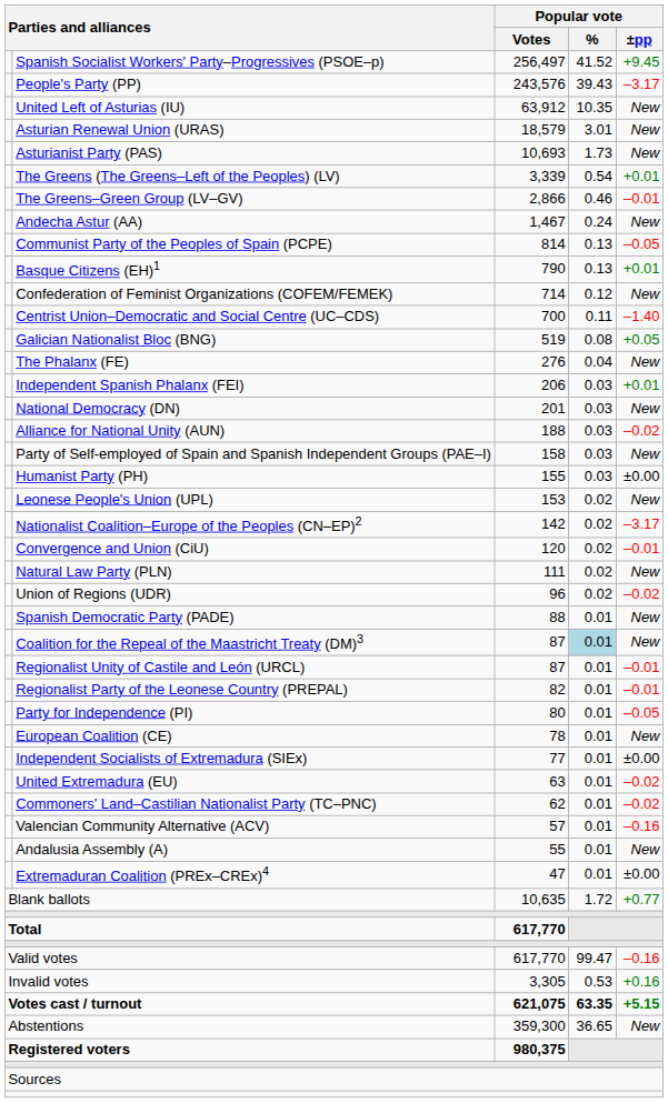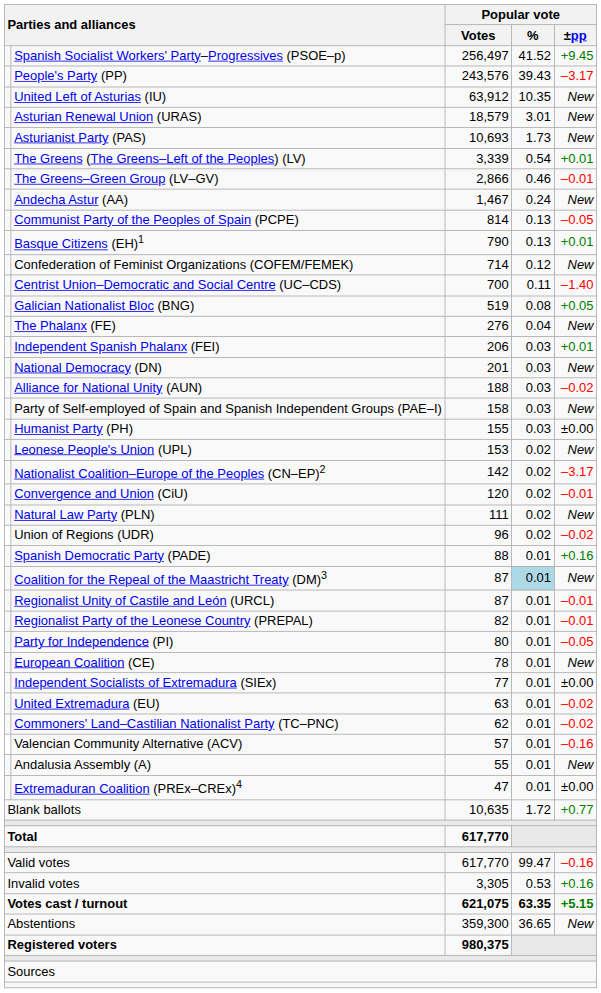 <table class="wikitable" style="text-align:right">
 <tr>
 <th style="text-align:left;" rowspan="2" colspan="2" width="525">Parties and alliances</th>
 <th colspan="3">Popular vote</th>
 </tr>
 <tr>
 <th width="75">Votes</th>
 <th width="45">%</th>
 <th width="45">±<a href='#'>pp</a></th>
 </tr>
 <tr>
 <td width="1" style="color:inherit;background:"></td>
 <td align="left"><a href='#'>Spanish Socialist Workers' Party</a>–<a href='#'>Progressives</a> (PSOE–p)</td>
 <td>256,497</td>
 <td>41.52</td>
 <td style="color:green;">+9.45</td>
 </tr>
 <tr>
 <td style="color:inherit;background:"></td>
 <td align="left"><a href='#'>People's Party</a> (PP)</td>
 <td>243,576</td>
 <td>39.43</td>
 <td style="color:red;">–3.17</td>
 </tr>
 <tr>
 <td style="color:inherit;background:"></td>
 <td align="left"><a href='#'>United Left of Asturias</a> (IU)</td>
 <td>63,912</td>
 <td>10.35</td>
 <td><em>New</em></td>
 </tr>
 <tr>
 <td style="color:inherit;background:"></td>
 <td align="left"><a href='#'>Asturian Renewal Union</a> (URAS)</td>
 <td>18,579</td>
 <td>3.01</td>
 <td><em>New</em></td>
 </tr>
 <tr>
 <td style="color:inherit;background:"></td>
 <td align="left"><a href='#'>Asturianist Party</a> (PAS)</td>
 <td>10,693</td>
 <td>1.73</td>
 <td><em>New</em></td>
 </tr>
 <tr>
 <td style="color:inherit;background:"></td>
 <td align="left"><a href='#'>The Greens</a> (<a href='#'>The Greens–Left of the Peoples</a>) (LV)</td>
 <td>3,339</td>
 <td>0.54</td>
 <td style="color:green;">+0.01</td>
 </tr>
 <tr>
 <td style="color:inherit;background:"></td>
 <td align="left"><a href='#'>The Greens–Green Group</a> (LV–GV)</td>
 <td>2,866</td>
 <td>0.46</td>
 <td style="color:red;">–0.01</td>
 </tr>
 <tr>
 <td style="color:inherit;background:"></td>
 <td align="left"><a href='#'>Andecha Astur</a> (AA)</td>
 <td>1,467</td>
 <td>0.24</td>
 <td><em>New</em></td>
 </tr>
 <tr>
 <td style="color:inherit;background:"></td>
 <td align="left"><a href='#'>Communist Party of the Peoples of Spain</a> (PCPE)</td>
 <td>814</td>
 <td>0.13</td>
 <td style="color:red;">–0.05</td>
 </tr>
 <tr>
 <td style="color:inherit;background:"></td>
 <td align="left"><a href='#'>Basque Citizens</a> (EH)<sup>1</sup></td>
 <td>790</td>
 <td>0.13</td>
 <td style="color:green;">+0.01</td>
 </tr>
 <tr>
 <td style="color:inherit;background:"></td>
 <td align="left">Confederation of Feminist Organizations (COFEM/FEMEK)</td>
 <td>714</td>
 <td>0.12</td>
 <td><em>New</em></td>
 </tr>
 <tr>
 <td style="color:inherit;background:"></td>
 <td align="left"><a href='#'>Centrist Union–Democratic and Social Centre</a> (UC–CDS)</td>
 <td>700</td>
 <td>0.11</td>
 <td style="color:red;">–1.40</td>
 </tr>
 <tr>
 <td style="color:inherit;background:"></td>
 <td align="left"><a href='#'>Galician Nationalist Bloc</a> (BNG)</td>
 <td>519</td>
 <td>0.08</td>
 <td style="color:green;">+0.05</td>
 </tr>
 <tr>
 <td style="color:inherit;background:"></td>
 <td align="left"><a href='#'>The Phalanx</a> (FE)</td>
 <td>276</td>
 <td>0.04</td>
 <td><em>New</em></td>
 </tr>
 <tr>
 <td style="color:inherit;background:"></td>
 <td align="left"><a href='#'>Independent Spanish Phalanx</a> (FEI)</td>
 <td>206</td>
 <td>0.03</td>
 <td style="color:green;">+0.01</td>
 </tr>
 <tr>
 <td style="color:inherit;background:"></td>
 <td align="left"><a href='#'>National Democracy</a> (DN)</td>
 <td>201</td>
 <td>0.03</td>
 <td><em>New</em></td>
 </tr>
 <tr>
 <td style="color:inherit;background:"></td>
 <td align="left"><a href='#'>Alliance for National Unity</a> (AUN)</td>
 <td>188</td>
 <td>0.03</td>
 <td style="color:red;">–0.02</td>
 </tr>
 <tr>
 <td style="color:inherit;background:"></td>
 <td align="left">Party of Self-employed of Spain and Spanish Independent Groups (PAE–I)</td>
 <td>158</td>
 <td>0.03</td>
 <td><em>New</em></td>
 </tr>
 <tr>
 <td style="color:inherit;background:"></td>
 <td align="left"><a href='#'>Humanist Party</a> (PH)</td>
 <td>155</td>
 <td>0.03</td>
 <td>±0.00</td>
 </tr>
 <tr>
 <td style="color:inherit;background:"></td>
 <td align="left"><a href='#'>Leonese People's Union</a> (UPL)</td>
 <td>153</td>
 <td>0.02</td>
 <td><em>New</em></td>
 </tr>
 <tr>
 <td style="color:inherit;background:"></td>
 <td align="left"><a href='#'>Nationalist Coalition–Europe of the Peoples</a> (CN–EP)<sup>2</sup></td>
 <td>142</td>
 <td>0.02</td>
 <td style="color:red;">–3.17</td>
 </tr>
 <tr>
 <td style="color:inherit;background:"></td>
 <td align="left"><a href='#'>Convergence and Union</a> (CiU)</td>
 <td>120</td>
 <td>0.02</td>
 <td style="color:red;">–0.01</td>
 </tr>
 <tr>
 <td style="color:inherit;background:"></td>
 <td align="left"><a href='#'>Natural Law Party</a> (PLN)</td>
 <td>111</td>
 <td>0.02</td>
 <td><em>New</em></td>
 </tr>
 <tr>
 <td bgcolor="white"></td>
 <td align="left">Union of Regions (UDR)</td>
 <td>96</td>
 <td>0.02</td>
 <td style="color:red;">–0.02</td>
 </tr>
 <tr>
 <td style="color:inherit;background:"></td>
 <td align="left"><a href='#'>Spanish Democratic Party</a> (PADE)</td>
 <td>88</td>
 <td>0.01</td>
-<td><em>New</em></td>
+<td style="color:green;">+0.16</td>
 </tr>
 <tr>
 <td style="color:inherit;background:"></td>
 <td align="left"><a href='#'>Coalition for the Repeal of the Maastricht Treaty</a> (DM)<sup>3</sup></td>
 <td>87</td>
 <td style="background: lightblue;">0.01</td>
 <td><em>New</em></td>
 </tr>
 <tr>
 <td style="color:inherit;background:"></td>
 <td align="left"><a href='#'>Regionalist Unity of Castile and León</a> (URCL)</td>
 <td>87</td>
 <td>0.01</td>
 <td style="color:red;">–0.01</td>
 </tr>
 <tr>
 <td style="color:inherit;background:"></td>
 <td align="left"><a href='#'>Regionalist Party of the Leonese Country</a> (PREPAL)</td>
 <td>82</td>
 <td>0.01</td>
 <td style="color:red;">–0.01</td>
 </tr>
 <tr>
 <td style="color:inherit;background:"></td>
 <td align="left"><a href='#'>Party for Independence</a> (PI)</td>
 <td>80</td>
 <td>0.01</td>
 <td style="color:red;">–0.05</td>
 </tr>
 <tr>
 <td style="color:inherit;background:"></td>
 <td align="left"><a href='#'>European Coalition</a> (CE)</td>
 <td>78</td>
 <td>0.01</td>
 <td><em>New</em></td>
 </tr>
 <tr>
 <td style="color:inherit;background:"></td>
 <td align="left"><a href='#'>Independent Socialists of Extremadura</a> (SIEx)</td>
 <td>77</td>
 <td>0.01</td>
 <td>±0.00</td>
 </tr>
 <tr>
 <td style="color:inherit;background:"></td>
 <td align="left"><a href='#'>United Extremadura</a> (EU)</td>
 <td>63</td>
 <td>0.01</td>
 <td style="color:red;">–0.02</td>
 </tr>
 <tr>
 <td style="color:inherit;background:"></td>
 <td align="left"><a href='#'>Commoners' Land–Castilian Nationalist Party</a> (TC–PNC)</td>
 <td>62</td>
 <td>0.01</td>
 <td style="color:red;">–0.02</td>
 </tr>
 <tr>
 <td bgcolor="white"></td>
 <td align="left">Valencian Community Alternative (ACV)</td>
 <td>57</td>
 <td>0.01</td>
 <td style="color:red;">–0.16</td>
 </tr>
 <tr>
 <td style="color:inherit;background:"></td>
 <td align="left">Andalusia Assembly (A)</td>
 <td>55</td>
 <td>0.01</td>
 <td><em>New</em></td>
 </tr>
 <tr>
 <td style="color:inherit;background:"></td>
 <td align="left"><a href='#'>Extremaduran Coalition</a> (PREx–CREx)<sup>4</sup></td>
 <td>47</td>
 <td>0.01</td>
 <td>±0.00</td>
 </tr>
 <tr>
 <td align="left" colspan="2">Blank ballots</td>
 <td>10,635</td>
 <td>1.72</td>
 <td style="color:green;">+0.77</td>
 </tr>
 <tr>
 <td colspan="5" bgcolor="#E9E9E9"></td>
 </tr>
 <tr style="font-weight:bold;">
 <td align="left" colspan="2">Total</td>
 <td>617,770</td>
 <td bgcolor="#E9E9E9" colspan="2"></td>
 </tr>
 <tr>
 <td colspan="5" bgcolor="#E9E9E9"></td>
 </tr>
 <tr>
 <td align="left" colspan="2">Valid votes</td>
 <td>617,770</td>
 <td>99.47</td>
 <td style="color:red;">–0.16</td>
 </tr>
 <tr>
 <td align="left" colspan="2">Invalid votes</td>
 <td>3,305</td>
 <td>0.53</td>
 <td style="color:green;">+0.16</td>
 </tr>
 <tr style="font-weight:bold;">
 <td align="left" colspan="2">Votes cast / turnout</td>
 <td>621,075</td>
 <td>63.35</td>
 <td style="color:green;">+5.15</td>
 </tr>
 <tr>
 <td align="left" colspan="2">Abstentions</td>
 <td>359,300</td>
 <td>36.65</td>
 <td><em>New</em></td>
 </tr>
 <tr style="font-weight:bold;">
 <td align="left" colspan="2">Registered voters</td>
 <td>980,375</td>
 <td bgcolor="#E9E9E9" colspan="2"></td>
 </tr>
 <tr>
 <td colspan="5" bgcolor="#E9E9E9"></td>
 </tr>
 <tr>
 <td align="left" colspan="5">Sources</td>
 </tr>
 <tr>
 <td colspan="5" style="text-align:left; max-width:680px;"></td>
 </tr>
 </table>
